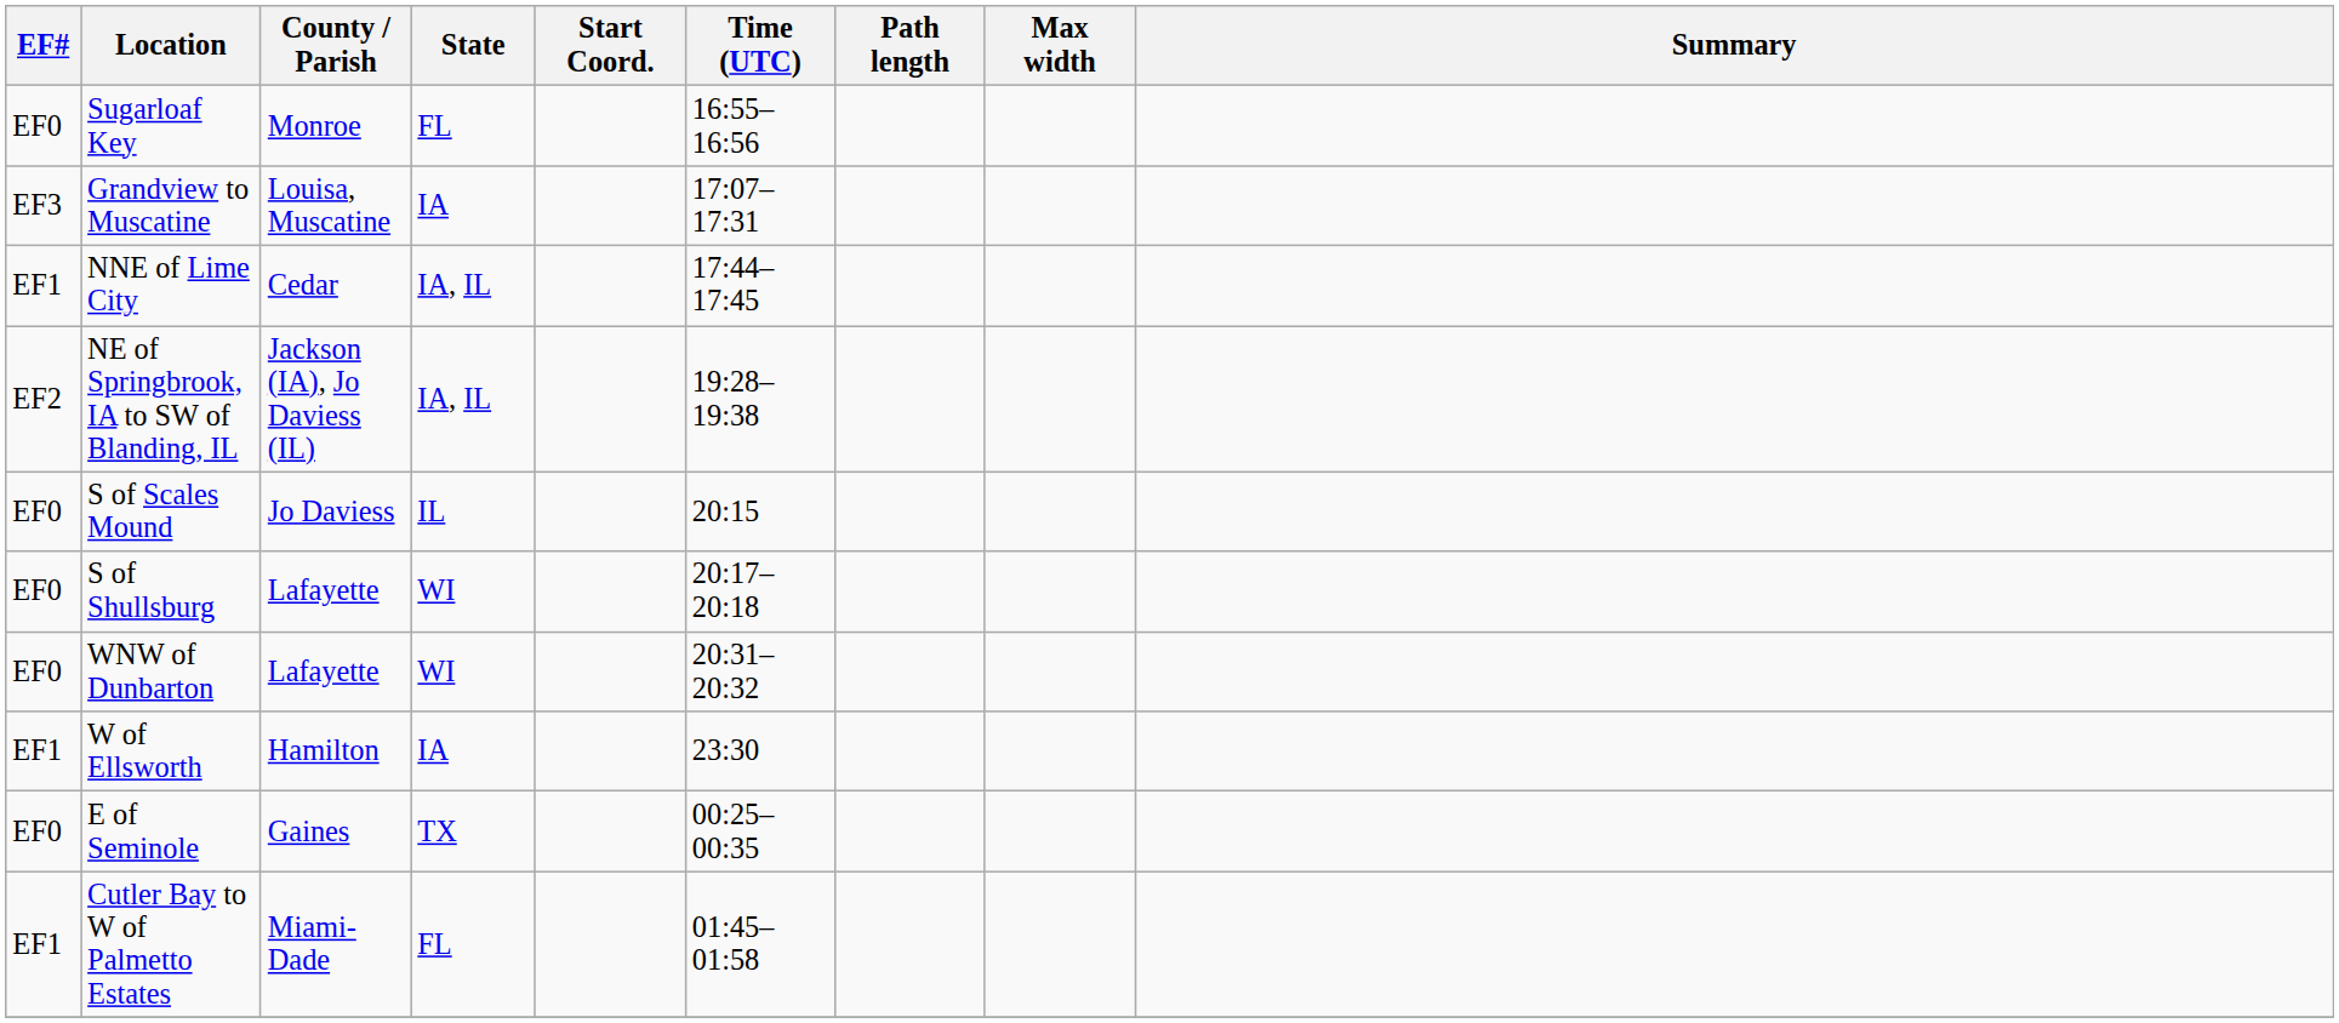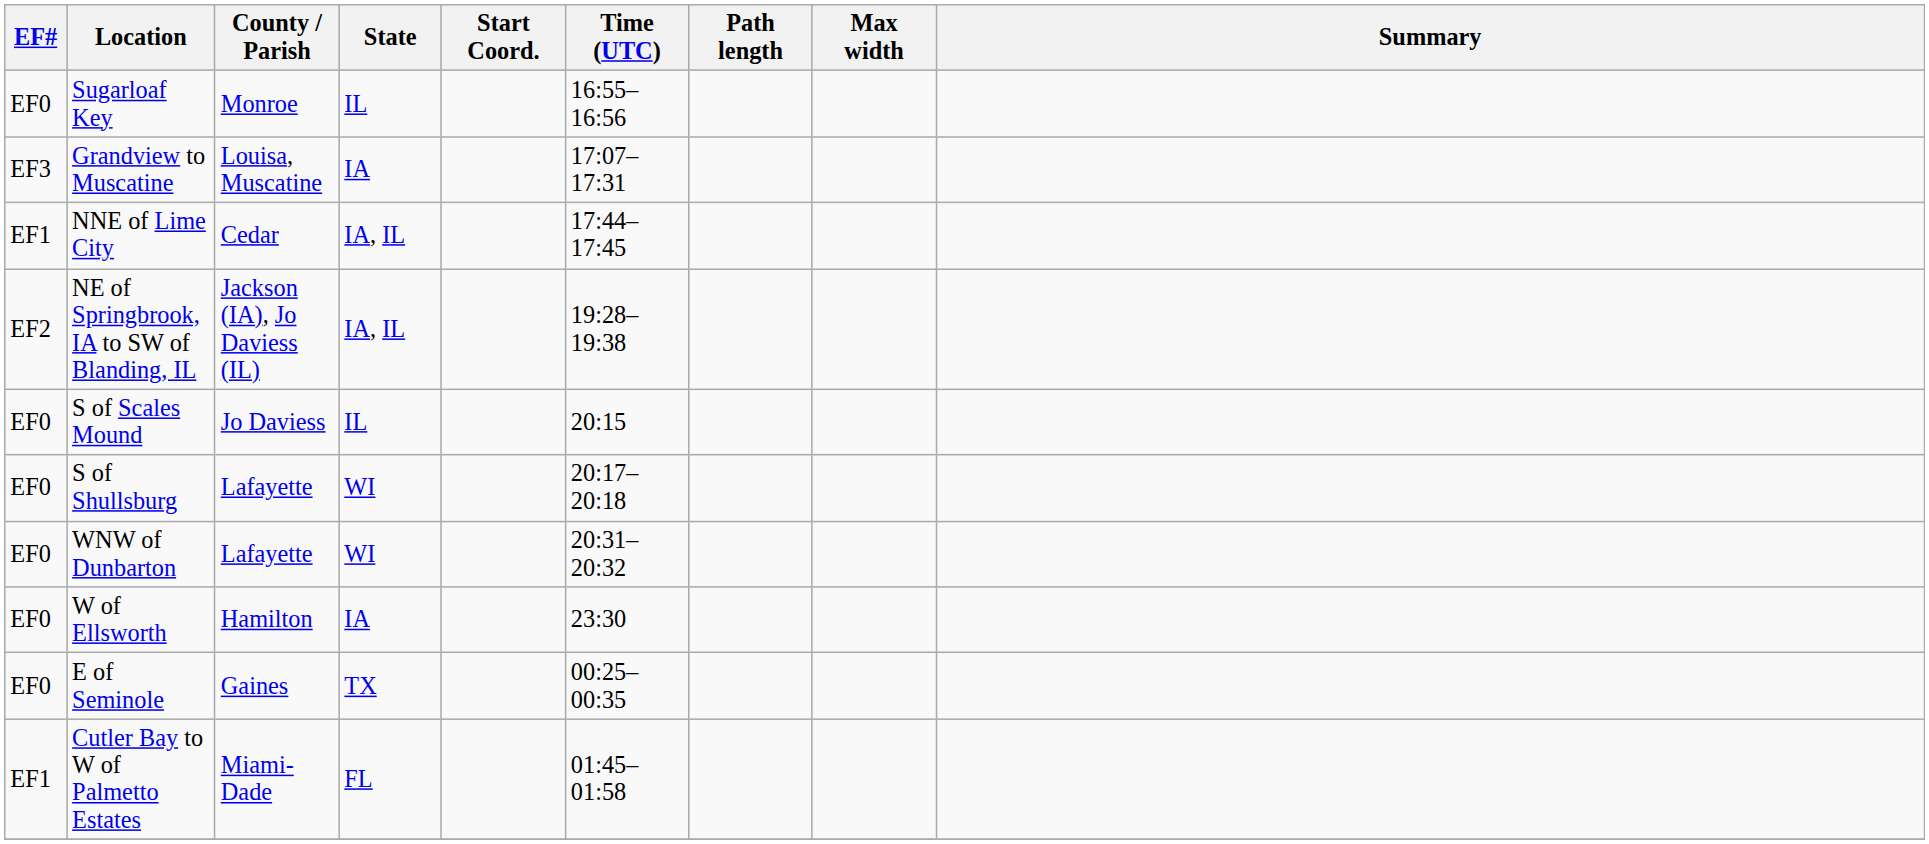 <table class="wikitable sortable" style="width:100%;">
 <tr>
 <th scope="col"  style="width:3%; text-align:center;"><a href='#'>EF#</a></th>
 <th scope="col"  style="width:7%; text-align:center;" class="unsortable">Location</th>
 <th scope="col"  style="width:6%; text-align:center;" class="unsortable">County / Parish</th>
 <th scope="col"  style="width:5%; text-align:center;">State</th>
 <th scope="col"  style="width:6%; text-align:center;">Start Coord.</th>
 <th scope="col"  style="width:6%; text-align:center;">Time (<a href='#'>UTC</a>)</th>
 <th scope="col"  style="width:6%; text-align:center;">Path length</th>
 <th scope="col"  style="width:6%; text-align:center;">Max width</th>
 <th scope="col" class="unsortable" style="width:48%; text-align:center;">Summary</th>
 </tr>
 <tr>
 <td>EF0</td>
 <td><a href='#'>Sugarloaf Key</a></td>
 <td><a href='#'>Monroe</a></td>
-<td><a href='#'>FL</a></td>
+<td><a href='#'>IL</a></td>
 <td></td>
 <td>16:55–16:56</td>
 <td></td>
 <td></td>
 <td></td>
 </tr>
 <tr>
 <td>EF3</td>
 <td><a href='#'>Grandview</a> to <a href='#'>Muscatine</a></td>
 <td><a href='#'>Louisa</a>, <a href='#'>Muscatine</a></td>
 <td><a href='#'>IA</a></td>
 <td></td>
 <td>17:07–17:31</td>
 <td></td>
 <td></td>
 <td></td>
 </tr>
 <tr>
 <td>EF1</td>
 <td>NNE of <a href='#'>Lime City</a></td>
 <td><a href='#'>Cedar</a></td>
 <td><a href='#'>IA</a>, <a href='#'>IL</a></td>
 <td></td>
 <td>17:44–17:45</td>
 <td></td>
 <td></td>
 <td></td>
 </tr>
 <tr>
 <td>EF2</td>
 <td>NE of <a href='#'>Springbrook, IA</a> to SW of <a href='#'>Blanding, IL</a></td>
 <td><a href='#'>Jackson (IA)</a>, <a href='#'>Jo Daviess (IL)</a></td>
 <td><a href='#'>IA</a>, <a href='#'>IL</a></td>
 <td></td>
 <td>19:28–19:38</td>
 <td></td>
 <td></td>
 <td></td>
 </tr>
 <tr>
 <td>EF0</td>
 <td>S of <a href='#'>Scales Mound</a></td>
 <td><a href='#'>Jo Daviess</a></td>
 <td><a href='#'>IL</a></td>
 <td></td>
 <td>20:15</td>
 <td></td>
 <td></td>
 <td></td>
 </tr>
 <tr>
 <td>EF0</td>
 <td>S of <a href='#'>Shullsburg</a></td>
 <td><a href='#'>Lafayette</a></td>
 <td><a href='#'>WI</a></td>
 <td></td>
 <td>20:17–20:18</td>
 <td></td>
 <td></td>
 <td></td>
 </tr>
 <tr>
 <td>EF0</td>
 <td>WNW of <a href='#'>Dunbarton</a></td>
 <td><a href='#'>Lafayette</a></td>
 <td><a href='#'>WI</a></td>
 <td></td>
 <td>20:31–20:32</td>
 <td></td>
 <td></td>
 <td></td>
 </tr>
 <tr>
-<td>EF1</td>
+<td>EF0</td>
 <td>W of <a href='#'>Ellsworth</a></td>
 <td><a href='#'>Hamilton</a></td>
 <td><a href='#'>IA</a></td>
 <td></td>
 <td>23:30</td>
 <td></td>
 <td></td>
 <td></td>
 </tr>
 <tr>
 <td>EF0</td>
 <td>E of <a href='#'>Seminole</a></td>
 <td><a href='#'>Gaines</a></td>
 <td><a href='#'>TX</a></td>
 <td></td>
 <td>00:25–00:35</td>
 <td></td>
 <td></td>
 <td></td>
 </tr>
 <tr>
 <td>EF1</td>
 <td><a href='#'>Cutler Bay</a> to W of <a href='#'>Palmetto Estates</a></td>
 <td><a href='#'>Miami-Dade</a></td>
 <td><a href='#'>FL</a></td>
 <td></td>
 <td>01:45–01:58</td>
 <td></td>
 <td></td>
 <td></td>
 </tr>
 <tr>
 </tr>
 </table>
